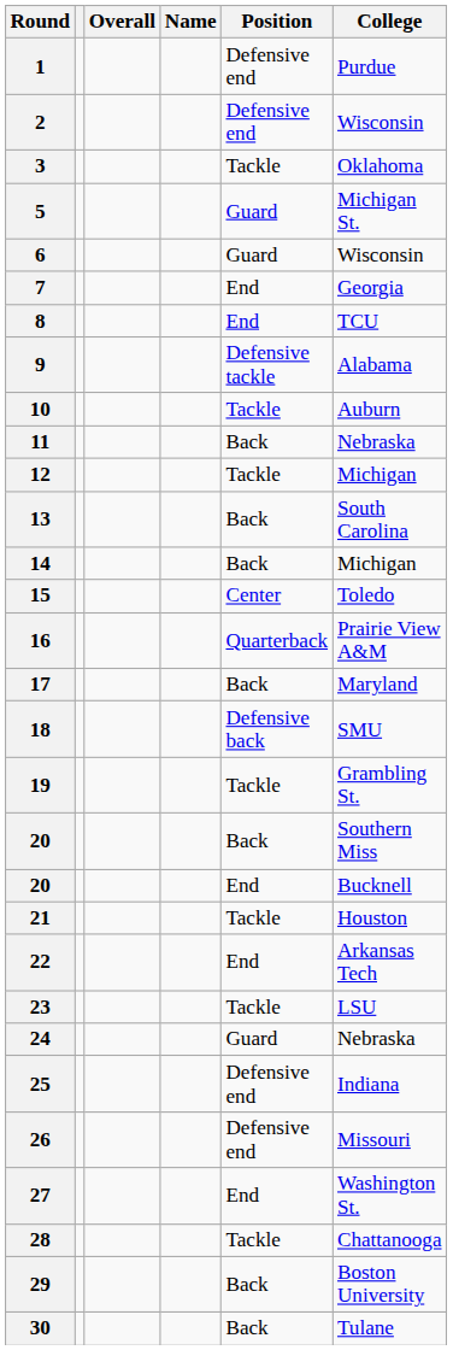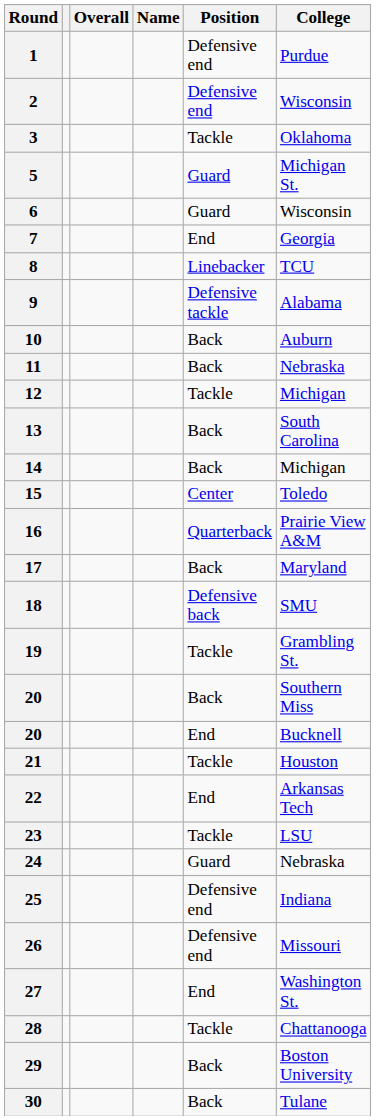 <table class="wikitable sortable" style="width: 50%;">
 <tr>
 <th scope="col" style="width: 10%;">Round</th>
 <th scope="col" style="width: 10%;"></th>
 <th scope="col" style="width: 10%;">Overall</th>
 <th scope="col" style="width: 25%;">Name</th>
 <th scope="col" style="width: 20%;">Position</th>
 <th scope="col" style="width: 25%;">College</th>
 </tr>
 <tr>
 <th scope="row">1</th>
 <td></td>
 <td></td>
 <td></td>
 <td>Defensive end</td>
 <td><a href='#'>Purdue</a></td>
 </tr>
 <tr>
 <th scope="row">2</th>
 <td></td>
 <td></td>
 <td></td>
 <td><a href='#'>Defensive end</a></td>
 <td><a href='#'>Wisconsin</a></td>
 </tr>
 <tr>
 <th scope="row">3</th>
 <td></td>
 <td></td>
 <td></td>
 <td>Tackle</td>
 <td><a href='#'>Oklahoma</a></td>
 </tr>
 <tr>
 <th scope="row">5</th>
 <td></td>
 <td></td>
 <td></td>
 <td><a href='#'>Guard</a></td>
 <td><a href='#'>Michigan St.</a></td>
 </tr>
 <tr>
 <th scope="row">6</th>
 <td></td>
 <td></td>
 <td></td>
 <td>Guard</td>
 <td>Wisconsin</td>
 </tr>
 <tr>
 <th scope="row">7</th>
 <td></td>
 <td></td>
 <td></td>
 <td>End</td>
 <td><a href='#'>Georgia</a></td>
 </tr>
 <tr>
 <th scope="row">8</th>
 <td></td>
 <td></td>
 <td></td>
-<td><a href='#'>End</a></td>
+<td><a href='#'>Linebacker</a></td>
 <td><a href='#'>TCU</a></td>
 </tr>
 <tr>
 <th scope="row">9</th>
 <td></td>
 <td></td>
 <td></td>
 <td><a href='#'>Defensive tackle</a></td>
 <td><a href='#'>Alabama</a></td>
 </tr>
 <tr>
 <th scope="row">10</th>
 <td></td>
 <td></td>
 <td></td>
-<td><a href='#'>Tackle</a></td>
+<td>Back</td>
 <td><a href='#'>Auburn</a></td>
 </tr>
 <tr>
 <th scope="row">11</th>
 <td></td>
 <td></td>
 <td></td>
 <td>Back</td>
 <td><a href='#'>Nebraska</a></td>
 </tr>
 <tr>
 <th scope="row">12</th>
 <td></td>
 <td></td>
 <td></td>
 <td>Tackle</td>
 <td><a href='#'>Michigan</a></td>
 </tr>
 <tr>
 <th scope="row">13</th>
 <td></td>
 <td></td>
 <td></td>
 <td>Back</td>
 <td><a href='#'>South Carolina</a></td>
 </tr>
 <tr>
 <th scope="row">14</th>
 <td></td>
 <td></td>
 <td></td>
 <td>Back</td>
 <td>Michigan</td>
 </tr>
 <tr>
 <th scope="row">15</th>
 <td></td>
 <td></td>
 <td></td>
 <td><a href='#'>Center</a></td>
 <td><a href='#'>Toledo</a></td>
 </tr>
 <tr>
 <th scope="row">16</th>
 <td></td>
 <td></td>
 <td></td>
 <td><a href='#'>Quarterback</a></td>
 <td><a href='#'>Prairie View A&M</a></td>
 </tr>
 <tr>
 <th scope="row">17</th>
 <td></td>
 <td></td>
 <td></td>
 <td>Back</td>
 <td><a href='#'>Maryland</a></td>
 </tr>
 <tr>
 <th scope="row">18</th>
 <td></td>
 <td></td>
 <td></td>
 <td><a href='#'>Defensive back</a></td>
 <td><a href='#'>SMU</a></td>
 </tr>
 <tr>
 <th scope="row">19</th>
 <td></td>
 <td></td>
 <td></td>
 <td>Tackle</td>
 <td><a href='#'>Grambling St.</a></td>
 </tr>
 <tr>
 <th scope="row">20</th>
 <td></td>
 <td></td>
 <td></td>
 <td>Back</td>
 <td><a href='#'>Southern Miss</a></td>
 </tr>
 <tr>
 <th scope="row">20</th>
 <td></td>
 <td></td>
 <td></td>
 <td>End</td>
 <td><a href='#'>Bucknell</a></td>
 </tr>
 <tr>
 <th scope="row">21</th>
 <td></td>
 <td></td>
 <td></td>
 <td>Tackle</td>
 <td><a href='#'>Houston</a></td>
 </tr>
 <tr>
 <th scope="row">22</th>
 <td></td>
 <td></td>
 <td></td>
 <td>End</td>
 <td><a href='#'>Arkansas Tech</a></td>
 </tr>
 <tr>
 <th scope="row">23</th>
 <td></td>
 <td></td>
 <td></td>
 <td>Tackle</td>
 <td><a href='#'>LSU</a></td>
 </tr>
 <tr>
 <th scope="row">24</th>
 <td></td>
 <td></td>
 <td></td>
 <td>Guard</td>
 <td>Nebraska</td>
 </tr>
 <tr>
 <th scope="row">25</th>
 <td></td>
 <td></td>
 <td></td>
 <td>Defensive end</td>
 <td><a href='#'>Indiana</a></td>
 </tr>
 <tr>
 <th scope="row">26</th>
 <td></td>
 <td></td>
 <td></td>
 <td>Defensive end</td>
 <td><a href='#'>Missouri</a></td>
 </tr>
 <tr>
 <th scope="row">27</th>
 <td></td>
 <td></td>
 <td></td>
 <td>End</td>
 <td><a href='#'>Washington St.</a></td>
 </tr>
 <tr>
 <th scope="row">28</th>
 <td></td>
 <td></td>
 <td></td>
 <td>Tackle</td>
 <td><a href='#'>Chattanooga</a></td>
 </tr>
 <tr>
 <th scope="row">29</th>
 <td></td>
 <td></td>
 <td></td>
 <td>Back</td>
 <td><a href='#'>Boston University</a></td>
 </tr>
 <tr>
 <th scope="row">30</th>
 <td></td>
 <td></td>
 <td></td>
 <td>Back</td>
 <td><a href='#'>Tulane</a></td>
 </tr>
 </table>
